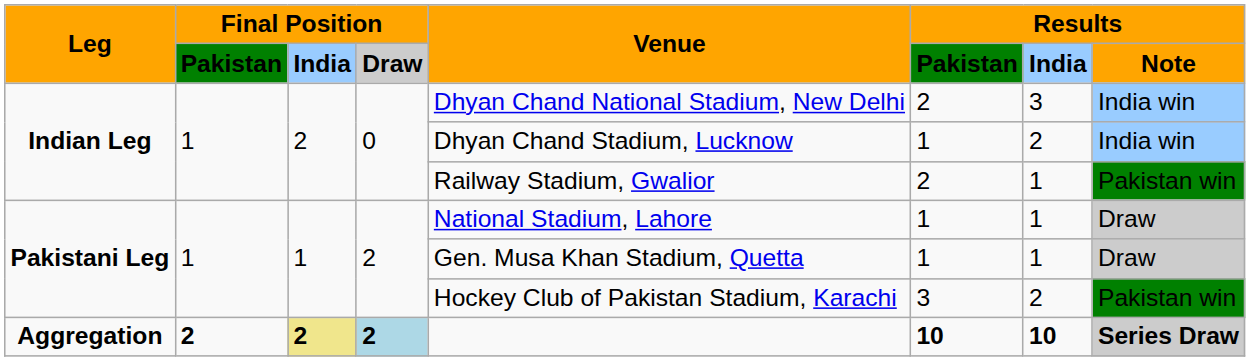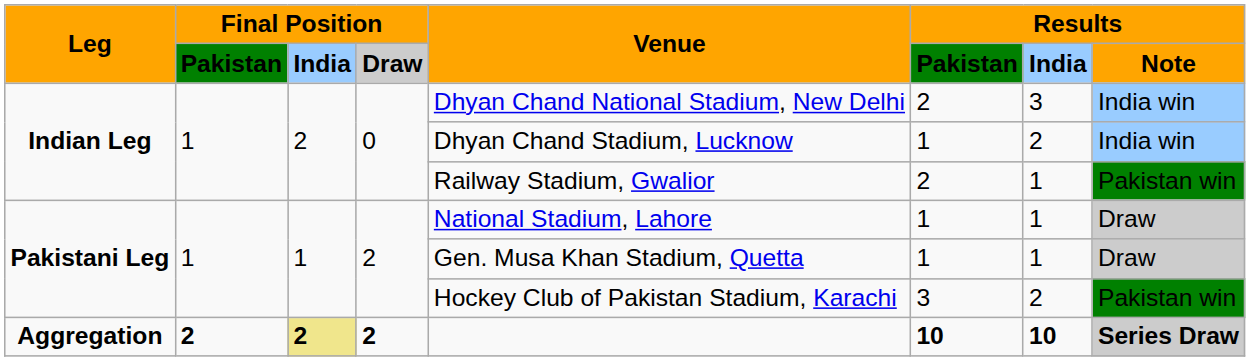 <table class="wikitable">
 <tr>
 <th style="background:orange;" rowspan=2>Leg</th>
 <th style="background:orange;" colspan=3>Final Position</th>
 <th style="background:orange;" rowspan=2>Venue</th>
 <th style="background:orange;" colspan=3>Results</th>
 </tr>
 <tr>
 <th style="background:green;"> Pakistan</th>
 <th style="background:#9cf;"> India</th>
 <th style="background:#ccc;">Draw</th>
 <th style="background:green;"> Pakistan</th>
 <th style="background:#9cf;"> India</th>
 <th style="background:orange;">Note</th>
 </tr>
 <tr>
 <td style=text-align:center; rowspan=3><strong>Indian Leg</strong></td>
 <td rowspan=3>1</td>
 <td rowspan=3>2</td>
 <td rowspan=3>0</td>
 <td> <a href='#'>Dhyan Chand National Stadium</a>, <a href='#'>New Delhi</a></td>
 <td>2</td>
 <td>3</td>
 <td style="background:#9cf;"> India win</td>
 </tr>
 <tr>
 <td> Dhyan Chand Stadium, <a href='#'>Lucknow</a></td>
 <td>1</td>
 <td>2</td>
 <td style="background:#9cf;"> India win</td>
 </tr>
 <tr>
 <td> Railway Stadium, <a href='#'>Gwalior</a></td>
 <td>2</td>
 <td>1</td>
 <td style="background:green;"> Pakistan win</td>
 </tr>
 <tr>
 <td style=text-align:center; rowspan=3><strong>Pakistani Leg</strong></td>
 <td rowspan=3>1</td>
 <td rowspan=3>1</td>
 <td rowspan=3>2</td>
 <td> <a href='#'>National Stadium</a>, <a href='#'>Lahore</a></td>
 <td>1</td>
 <td>1</td>
 <td style="background:#ccc;">Draw</td>
 </tr>
 <tr>
 <td> Gen. Musa Khan Stadium, <a href='#'>Quetta</a></td>
 <td>1</td>
 <td>1</td>
 <td style="background:#ccc;">Draw</td>
 </tr>
 <tr>
 <td> Hockey Club of Pakistan Stadium, <a href='#'>Karachi</a></td>
 <td>3</td>
 <td>2</td>
 <td style="background:green;"> Pakistan win</td>
 </tr>
 <tr>
 <td style=text-align:center;><strong>Aggregation</strong></td>
 <td><strong>2</strong></td>
 <td style="background: khaki;"><strong>2</strong></td>
-<td style="background: lightblue;"><strong>2</strong></td>
+<td><strong>2</strong></td>
 <td></td>
 <td><strong>10</strong></td>
 <td><strong>10</strong></td>
 <td style="background:#ccc;"><strong>Series Draw</strong></td>
 </tr>
 </table>
